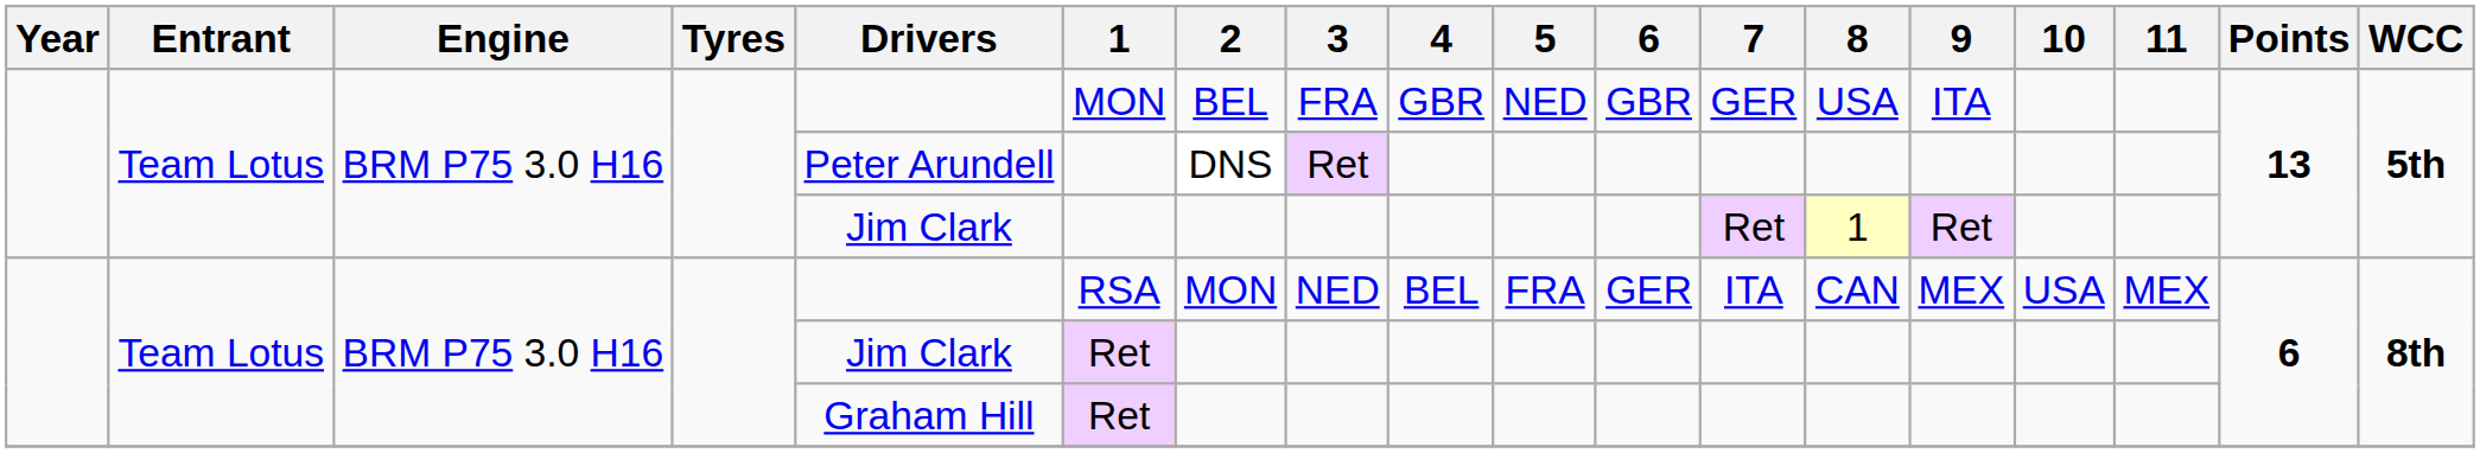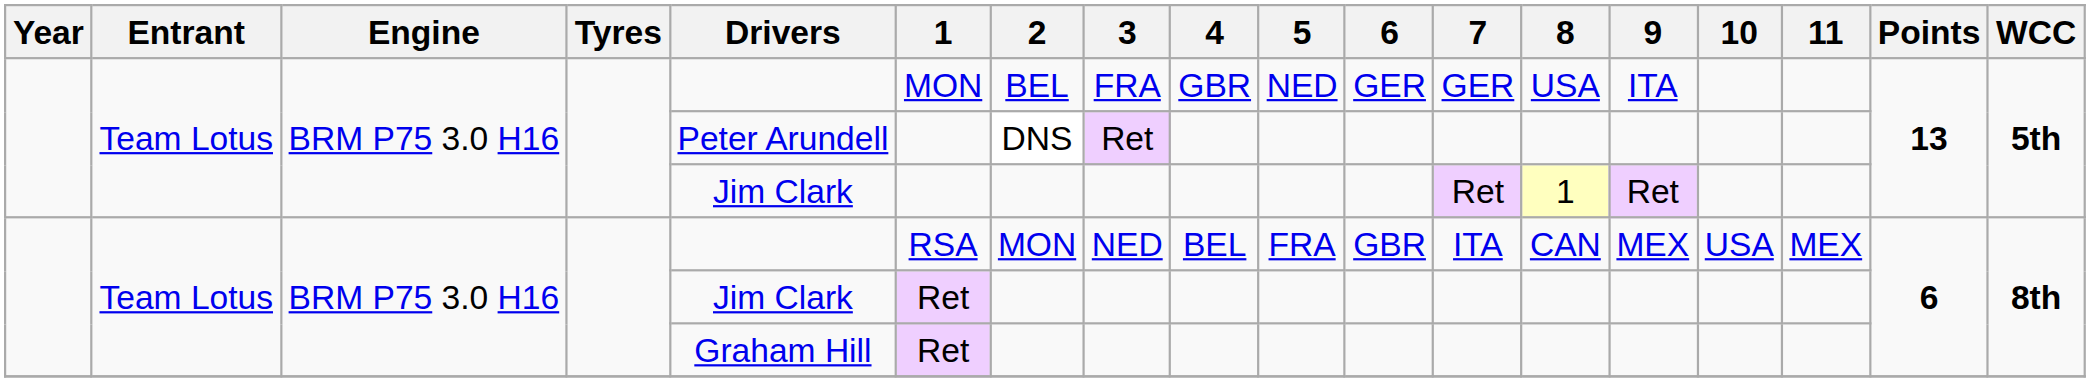 <table class="wikitable" style="text-align:center; font-size:95%">
 <tr>
 <th>Year</th>
 <th>Entrant</th>
 <th>Engine</th>
 <th>Tyres</th>
 <th>Drivers</th>
 <th>1</th>
 <th>2</th>
 <th>3</th>
 <th>4</th>
 <th>5</th>
 <th>6</th>
 <th>7</th>
 <th>8</th>
 <th>9</th>
 <th>10</th>
 <th>11</th>
 <th>Points</th>
 <th>WCC</th>
 </tr>
 <tr>
 <td rowspan=3></td>
 <td rowspan=3><a href='#'>Team Lotus</a></td>
 <td rowspan=3><a href='#'>BRM P75</a> 3.0 <a href='#'>H16</a></td>
 <td rowspan=3></td>
 <td></td>
 <td><a href='#'>MON</a></td>
 <td><a href='#'>BEL</a></td>
 <td><a href='#'>FRA</a></td>
 <td><a href='#'>GBR</a></td>
 <td><a href='#'>NED</a></td>
-<td><a href='#'>GBR</a></td>
+<td><a href='#'>GER</a></td>
 <td><a href='#'>GER</a></td>
 <td><a href='#'>USA</a></td>
 <td><a href='#'>ITA</a></td>
 <td></td>
 <td></td>
 <td rowspan=3><strong>13</strong></td>
 <td rowspan=3><strong>5th</strong></td>
 </tr>
 <tr>
 <td><a href='#'>Peter Arundell</a></td>
 <td></td>
 <td style="background:#FFFFFF;">DNS</td>
 <td style="background:#EFCFFF;">Ret</td>
 <td></td>
 <td></td>
 <td></td>
 <td></td>
 <td></td>
 <td></td>
 <td></td>
 <td></td>
 </tr>
 <tr>
 <td><a href='#'>Jim Clark</a></td>
 <td></td>
 <td></td>
 <td></td>
 <td></td>
 <td></td>
 <td></td>
 <td style="background:#EFCFFF;">Ret</td>
 <td style="background:#FFFFBF;">1</td>
 <td style="background:#EFCFFF;">Ret</td>
 <td></td>
 <td></td>
 </tr>
 <tr>
 <td rowspan=3></td>
 <td rowspan=3><a href='#'>Team Lotus</a></td>
 <td rowspan=3><a href='#'>BRM P75</a> 3.0 <a href='#'>H16</a></td>
 <td rowspan=3></td>
 <td></td>
 <td><a href='#'>RSA</a></td>
 <td><a href='#'>MON</a></td>
 <td><a href='#'>NED</a></td>
 <td><a href='#'>BEL</a></td>
 <td><a href='#'>FRA</a></td>
-<td><a href='#'>GER</a></td>
+<td><a href='#'>GBR</a></td>
 <td><a href='#'>ITA</a></td>
 <td><a href='#'>CAN</a></td>
 <td><a href='#'>MEX</a></td>
 <td><a href='#'>USA</a></td>
 <td><a href='#'>MEX</a></td>
 <td rowspan=3><strong>6</strong></td>
 <td rowspan=3><strong>8th</strong></td>
 </tr>
 <tr>
 <td><a href='#'>Jim Clark</a></td>
 <td style="background:#EFCFFF;">Ret</td>
 <td></td>
 <td></td>
 <td></td>
 <td></td>
 <td></td>
 <td></td>
 <td></td>
 <td></td>
 <td></td>
 <td></td>
 </tr>
 <tr>
 <td><a href='#'>Graham Hill</a></td>
 <td style="background:#EFCFFF;">Ret</td>
 <td></td>
 <td></td>
 <td></td>
 <td></td>
 <td></td>
 <td></td>
 <td></td>
 <td></td>
 <td></td>
 <td></td>
 </tr>
 <tr>
 </tr>
 </table>
